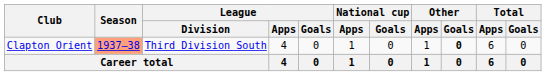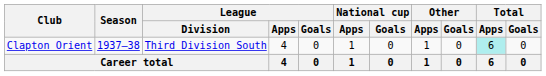 <table class="wikitable" style="text-align:center">
 <tr>
 <th rowspan="2">Club</th>
 <th rowspan="2">Season</th>
 <th colspan="3">League</th>
 <th colspan="2">National cup</th>
 <th colspan="2">Other</th>
 <th colspan="2">Total</th>
 </tr>
 <tr>
 <th>Division</th>
 <th>Apps</th>
 <th>Goals</th>
 <th>Apps</th>
 <th>Goals</th>
 <th>Apps</th>
 <th>Goals</th>
 <th>Apps</th>
 <th>Goals</th>
 </tr>
 <tr>
 <td><a href='#'>Clapton Orient</a></td>
-<td style="background: lightsalmon;"><a href='#'>1937–38</a></td>
+<td><a href='#'>1937–38</a></td>
 <td><a href='#'>Third Division South</a></td>
 <td>4</td>
 <td>0</td>
 <td>1</td>
 <td>0</td>
 <td>1</td>
-<td><strong>0</strong></td>
-<td>6</td>
+<td>0</td>
+<td style="background: paleturquoise;">6</td>
 <td>0</td>
 </tr>
 <tr>
 <th colspan="3">Career total</th>
 <th>4</th>
 <th>0</th>
 <th>1</th>
 <th>0</th>
 <th>1</th>
 <th>0</th>
 <th>6</th>
 <th>0</th>
 </tr>
 </table>
